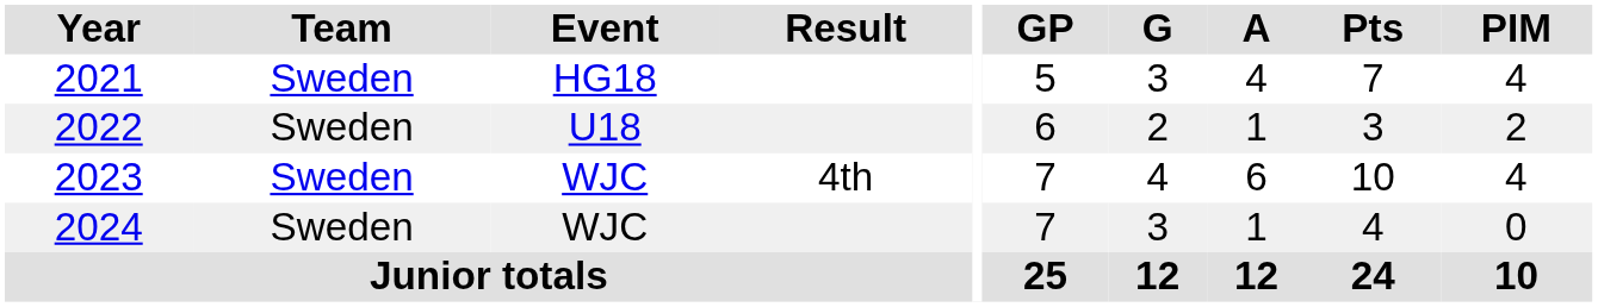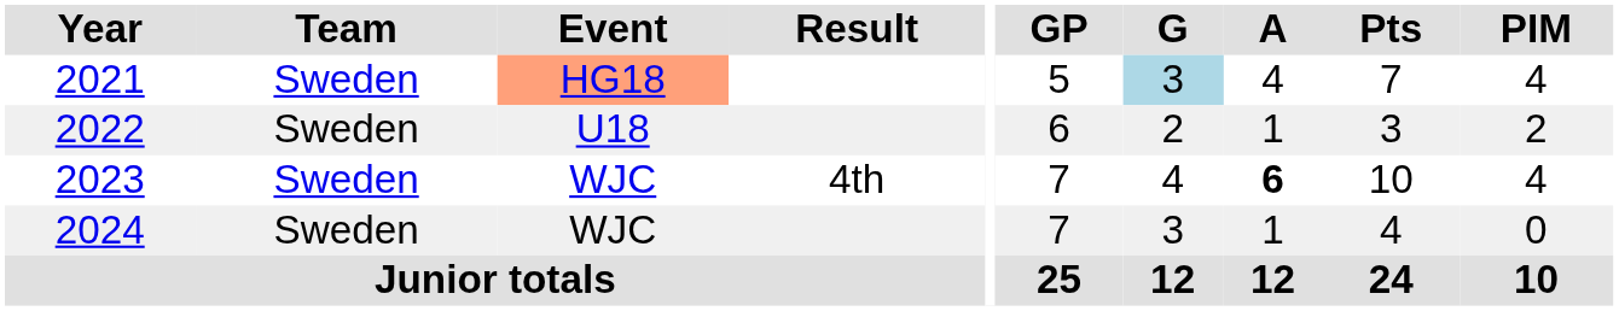 <table border="0" cellpadding="1" cellspacing="0" ID="Table3" style="text-align:center; width:40em">
 <tr bgcolor="#e0e0e0">
 <th>Year</th>
 <th>Team</th>
 <th>Event</th>
 <th>Result</th>
 <th rowspan="99" bgcolor="#ffffff"></th>
 <th>GP</th>
 <th>G</th>
 <th>A</th>
 <th>Pts</th>
 <th>PIM</th>
 </tr>
 <tr>
 <td><a href='#'>2021</a></td>
 <td><a href='#'>Sweden</a></td>
-<td><a href='#'>HG18</a></td>
+<td style="background: lightsalmon;"><a href='#'>HG18</a></td>
 <td></td>
 <td>5</td>
-<td>3</td>
+<td style="background: lightblue;">3</td>
 <td>4</td>
 <td>7</td>
 <td>4</td>
 </tr>
 <tr bgcolor="#f0f0f0">
 <td><a href='#'>2022</a></td>
 <td>Sweden</td>
 <td><a href='#'>U18</a></td>
 <td></td>
 <td>6</td>
 <td>2</td>
 <td>1</td>
 <td>3</td>
 <td>2</td>
 </tr>
 <tr>
 <td><a href='#'>2023</a></td>
 <td><a href='#'>Sweden</a></td>
 <td><a href='#'>WJC</a></td>
 <td>4th</td>
 <td>7</td>
 <td>4</td>
-<td>6</td>
+<td><strong>6</strong></td>
 <td>10</td>
 <td>4</td>
 </tr>
 <tr bgcolor="#f0f0f0">
 <td><a href='#'>2024</a></td>
 <td>Sweden</td>
 <td>WJC</td>
 <td></td>
 <td>7</td>
 <td>3</td>
 <td>1</td>
 <td>4</td>
 <td>0</td>
 </tr>
 <tr bgcolor="#e0e0e0">
 <th colspan="4">Junior totals</th>
 <th>25</th>
 <th>12</th>
 <th>12</th>
 <th>24</th>
 <th>10</th>
 </tr>
 </table>
